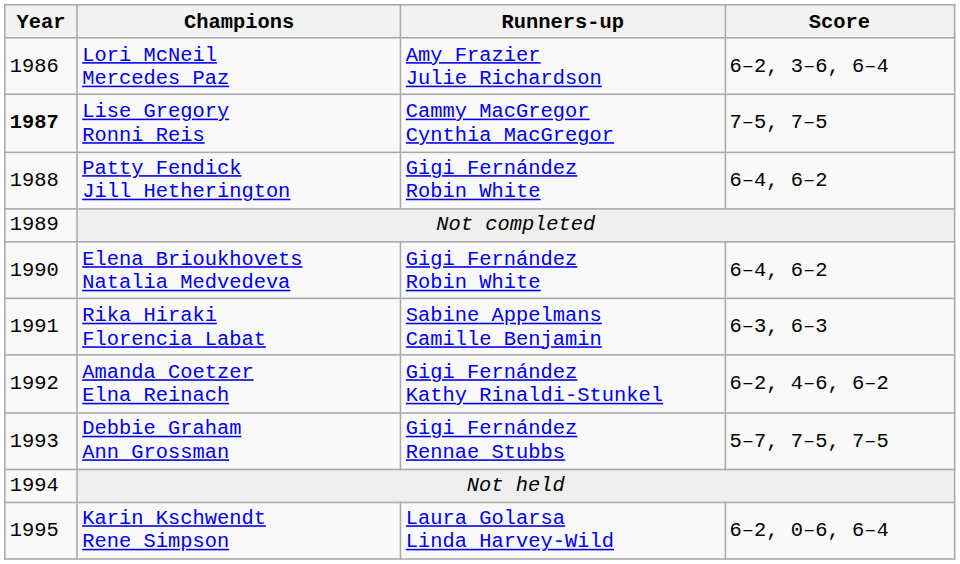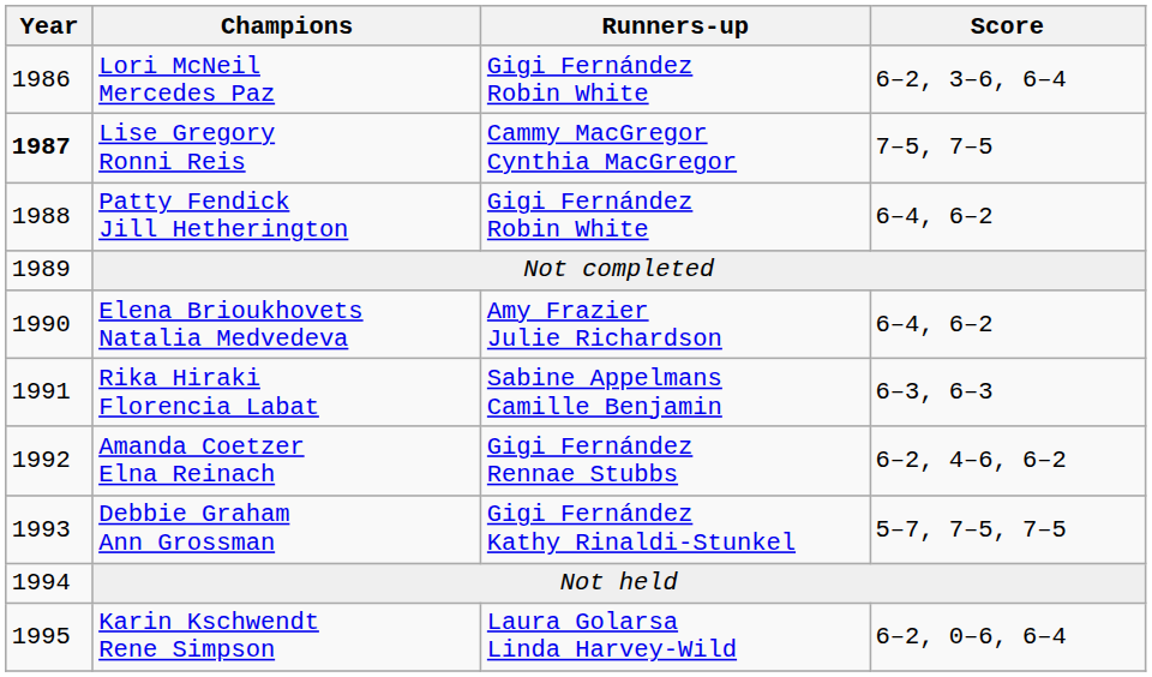 <table class="wikitable">
 <tr>
 <th style="width:40px">Year</th>
 <th style="width:200px">Champions</th>
 <th style="width:200px">Runners-up</th>
 <th style="width:140px" class="unsortable">Score</th>
 </tr>
 <tr>
 <td>1986</td>
 <td> <a href='#'>Lori McNeil</a> <br>  <a href='#'>Mercedes Paz</a></td>
-<td> <a href='#'>Amy Frazier</a> <br>  <a href='#'>Julie Richardson</a></td>
+<td> <a href='#'>Gigi Fernández</a> <br>  <a href='#'>Robin White</a></td>
 <td>6–2, 3–6, 6–4</td>
 </tr>
 <tr>
 <td><strong>1987</strong></td>
 <td> <a href='#'>Lise Gregory</a> <br>  <a href='#'>Ronni Reis</a></td>
 <td> <a href='#'>Cammy MacGregor</a> <br>  <a href='#'>Cynthia MacGregor</a></td>
 <td>7–5, 7–5</td>
 </tr>
 <tr>
 <td>1988</td>
 <td> <a href='#'>Patty Fendick</a> <br>  <a href='#'>Jill Hetherington</a></td>
 <td> <a href='#'>Gigi Fernández</a> <br>  <a href='#'>Robin White</a></td>
 <td>6–4, 6–2</td>
 </tr>
 <tr>
 <td>1989</td>
 <td colspan=3 align=center style="background:#efefef"><em>Not completed</em></td>
 </tr>
 <tr>
 <td>1990</td>
 <td> <a href='#'>Elena Brioukhovets</a> <br>  <a href='#'>Natalia Medvedeva</a></td>
-<td> <a href='#'>Gigi Fernández</a> <br>  <a href='#'>Robin White</a></td>
+<td> <a href='#'>Amy Frazier</a> <br>  <a href='#'>Julie Richardson</a></td>
 <td>6–4, 6–2</td>
 </tr>
 <tr>
 <td>1991</td>
 <td> <a href='#'>Rika Hiraki</a> <br>  <a href='#'>Florencia Labat</a></td>
 <td> <a href='#'>Sabine Appelmans</a> <br>  <a href='#'>Camille Benjamin</a></td>
 <td>6–3, 6–3</td>
 </tr>
 <tr>
 <td>1992</td>
 <td> <a href='#'>Amanda Coetzer</a> <br>  <a href='#'>Elna Reinach</a></td>
-<td> <a href='#'>Gigi Fernández</a> <br>  <a href='#'>Kathy Rinaldi-Stunkel</a></td>
+<td> <a href='#'>Gigi Fernández</a> <br>  <a href='#'>Rennae Stubbs</a></td>
 <td>6–2, 4–6, 6–2</td>
 </tr>
 <tr>
 <td>1993</td>
 <td> <a href='#'>Debbie Graham</a> <br>  <a href='#'>Ann Grossman</a></td>
-<td> <a href='#'>Gigi Fernández</a> <br>  <a href='#'>Rennae Stubbs</a></td>
+<td> <a href='#'>Gigi Fernández</a> <br>  <a href='#'>Kathy Rinaldi-Stunkel</a></td>
 <td>5–7, 7–5, 7–5</td>
 </tr>
 <tr>
 <td>1994</td>
 <td colspan=3 align=center style="background:#efefef"><em>Not held</em></td>
 </tr>
 <tr>
 <td>1995</td>
 <td> <a href='#'>Karin Kschwendt</a> <br>  <a href='#'>Rene Simpson</a></td>
 <td> <a href='#'>Laura Golarsa</a> <br>  <a href='#'>Linda Harvey-Wild</a></td>
 <td>6–2, 0–6, 6–4</td>
 </tr>
 </table>
